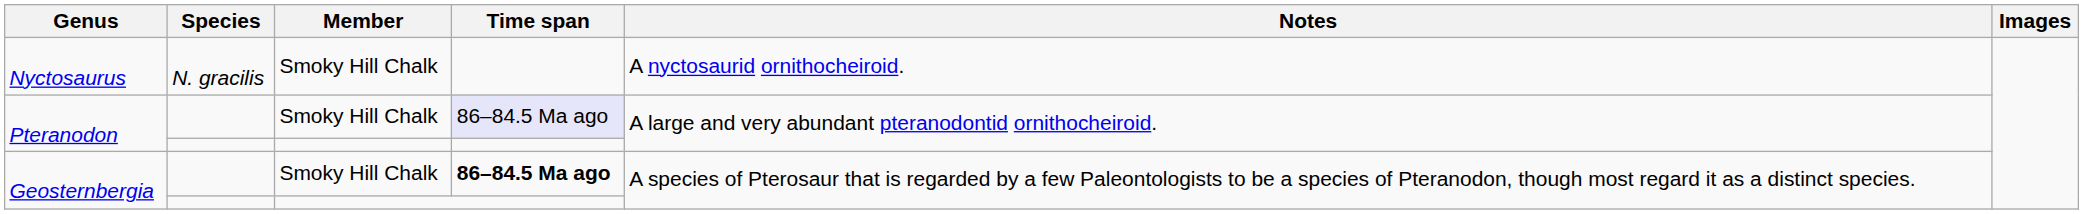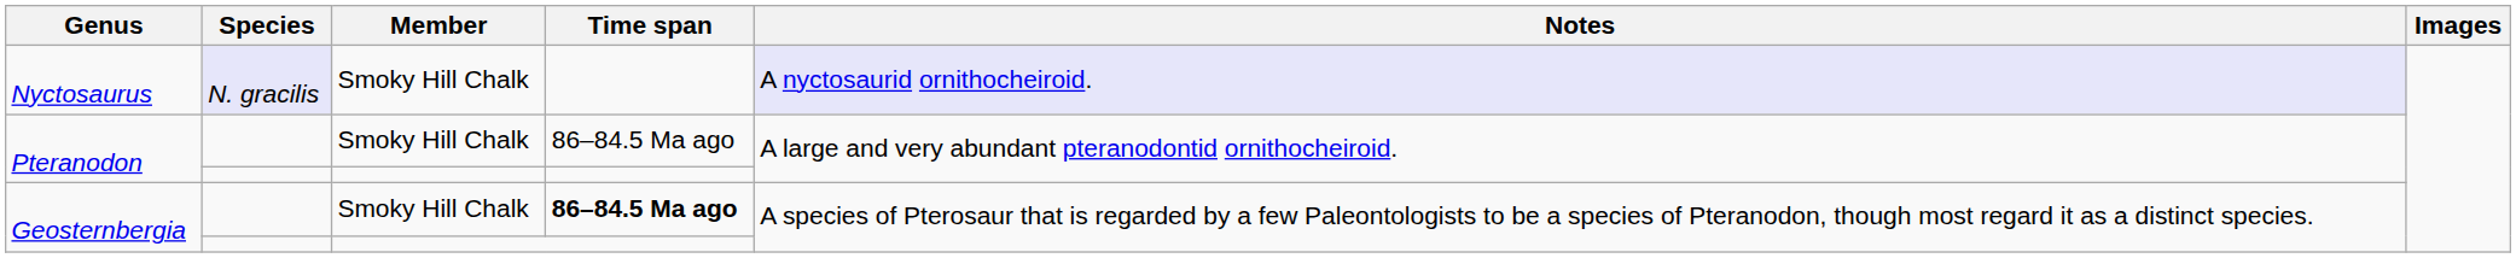 <table class="wikitable"  style="margin:auto; width:100%; width:100%;">
 <tr>
 <th>Genus</th>
 <th>Species</th>
 <th>Member</th>
 <th>Time span</th>
 <th>Notes</th>
 <th>Images</th>
 </tr>
 <tr>
 <td><br><em><a href='#'>Nyctosaurus</a></em></td>
-<td><br><em>N. gracilis</em></td>
+<td style="background: lavender;"><br><em>N. gracilis</em></td>
 <td>Smoky Hill Chalk</td>
 <td></td>
-<td>A <a href='#'>nyctosaurid</a> <a href='#'>ornithocheiroid</a>.</td>
+<td style="background: lavender;">A <a href='#'>nyctosaurid</a> <a href='#'>ornithocheiroid</a>.</td>
 <td rowspan="99"></td>
 </tr>
 <tr>
 <td rowspan=2><br><em><a href='#'>Pteranodon</a></em></td>
 <td></td>
 <td>Smoky Hill Chalk</td>
-<td style="background: lavender;">86–84.5 Ma ago</td>
+<td>86–84.5 Ma ago</td>
 <td rowspan=2>A large and very abundant <a href='#'>pteranodontid</a> <a href='#'>ornithocheiroid</a>.</td>
 </tr>
 <tr>
 <td></td>
 <td></td>
 <td></td>
 </tr>
 <tr>
 <td rowspan=2><br><em><a href='#'>Geosternbergia</a></em></td>
 <td></td>
 <td>Smoky Hill Chalk</td>
 <td><strong>86–84.5 Ma ago</strong></td>
 <td rowspan=2>A species of Pterosaur that is regarded by a few Paleontologists to be a species of Pteranodon, though most regard it as a distinct species.</td>
 </tr>
 <tr>
 <td></td>
 </tr>
 </table>
